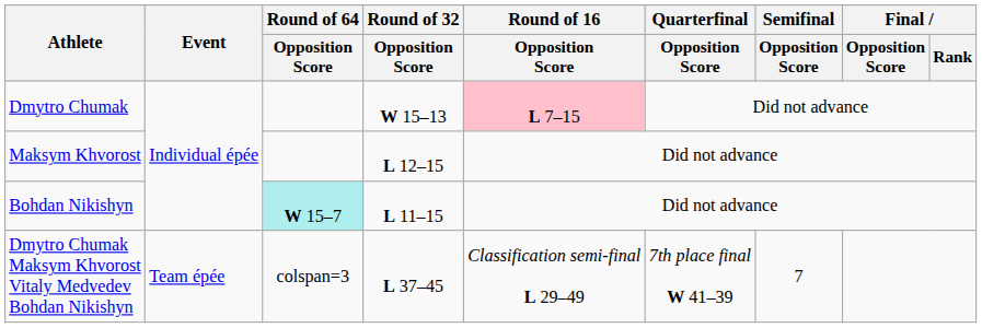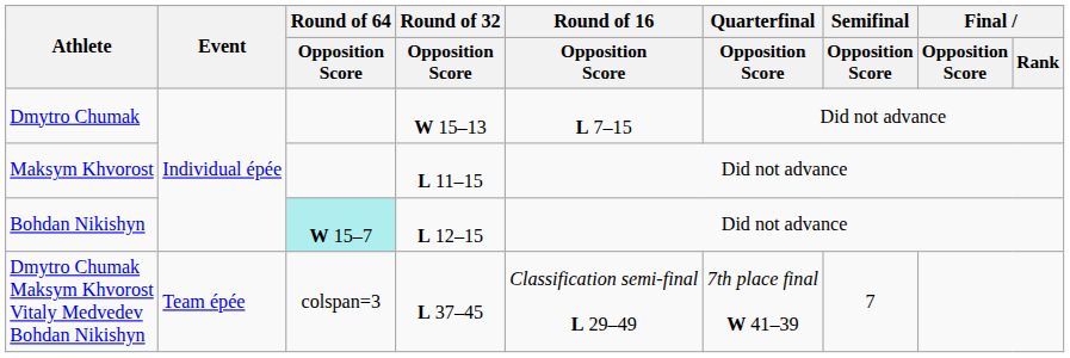 <table class="wikitable" style="font-size:90%">
 <tr>
 <th rowspan="2">Athlete</th>
 <th rowspan="2">Event</th>
 <th>Round of 64</th>
 <th>Round of 32</th>
 <th>Round of 16</th>
 <th>Quarterfinal</th>
 <th>Semifinal</th>
 <th colspan=2>Final / </th>
 </tr>
 <tr style="font-size:95%">
 <th>Opposition <br> Score</th>
 <th>Opposition <br> Score</th>
 <th>Opposition <br> Score</th>
 <th>Opposition <br> Score</th>
 <th>Opposition <br> Score</th>
 <th>Opposition <br> Score</th>
 <th>Rank</th>
 </tr>
 <tr align=center>
 <td align=left><a href='#'>Dmytro Chumak</a></td>
 <td align=left rowspan=3><a href='#'>Individual épée</a></td>
 <td></td>
 <td> <br> <strong>W</strong> 15–13</td>
-<td style="background: pink;"> <br> <strong>L</strong> 7–15</td>
+<td> <br> <strong>L</strong> 7–15</td>
 <td colspan=4>Did not advance</td>
 </tr>
 <tr align=center>
 <td align=left><a href='#'>Maksym Khvorost</a></td>
 <td></td>
-<td> <br> <strong>L</strong> 12–15</td>
+<td> <br> <strong>L</strong> 11–15</td>
 <td colspan=5>Did not advance</td>
 </tr>
 <tr align=center>
 <td align=left><a href='#'>Bohdan Nikishyn</a></td>
 <td style="background: paleturquoise;"> <br> <strong>W</strong> 15–7</td>
-<td> <br> <strong>L</strong> 11–15</td>
+<td> <br> <strong>L</strong> 12–15</td>
 <td colspan=5>Did not advance</td>
 </tr>
 <tr align=center>
 <td align=left><a href='#'>Dmytro Chumak</a><br><a href='#'>Maksym Khvorost</a><br><a href='#'>Vitaly Medvedev</a><br><a href='#'>Bohdan Nikishyn</a></td>
 <td align=left><a href='#'>Team épée</a></td>
 <td>colspan=3 </td>
 <td><br><strong>L</strong> 37–45</td>
 <td><em>Classification semi-final</em><br><br><strong>L</strong> 29–49</td>
 <td><em>7th place final</em><br><br><strong>W</strong> 41–39</td>
 <td>7</td>
 </tr>
 </table>
